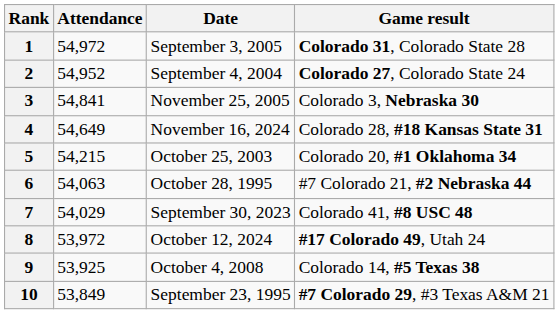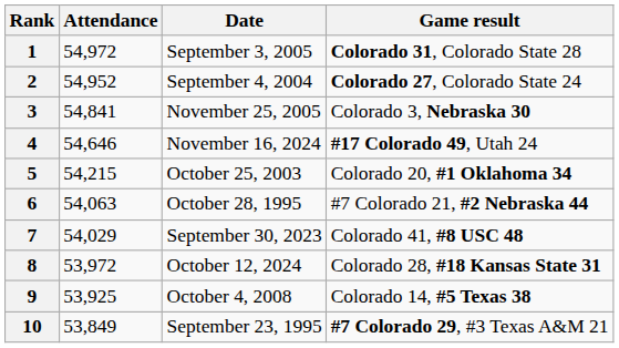 <table class="wikitable">
 <tr>
 <th>Rank</th>
 <th>Attendance</th>
 <th>Date</th>
 <th>Game result</th>
 </tr>
 <tr>
 <th>1</th>
 <td>54,972</td>
 <td>September 3, 2005</td>
 <td><strong>Colorado 31</strong>, Colorado State 28</td>
 </tr>
 <tr>
 <th>2</th>
 <td>54,952</td>
 <td>September 4, 2004</td>
 <td><strong>Colorado 27</strong>, Colorado State 24</td>
 </tr>
 <tr>
 <th>3</th>
 <td>54,841</td>
 <td>November 25, 2005</td>
 <td>Colorado 3, <strong>Nebraska 30</strong></td>
 </tr>
 <tr>
 <th>4</th>
-<td>54,649</td>
+<td>54,646</td>
 <td>November 16, 2024</td>
-<td>Colorado 28, <strong>#18 Kansas State 31</strong></td>
+<td><strong>#17 Colorado 49</strong>, Utah 24</td>
 </tr>
 <tr>
 <th>5</th>
 <td>54,215</td>
 <td>October 25, 2003</td>
 <td>Colorado 20, <strong>#1 Oklahoma 34</strong></td>
 </tr>
 <tr>
 <th>6</th>
 <td>54,063</td>
 <td>October 28, 1995</td>
 <td>#7 Colorado 21, <strong>#2 Nebraska 44</strong></td>
 </tr>
 <tr>
 <th>7</th>
 <td>54,029</td>
 <td>September 30, 2023</td>
 <td>Colorado 41, <strong>#8 USC 48</strong></td>
 </tr>
 <tr>
 <th>8</th>
 <td>53,972</td>
 <td>October 12, 2024</td>
-<td><strong>#17 Colorado 49</strong>, Utah 24</td>
+<td>Colorado 28, <strong>#18 Kansas State 31</strong></td>
 </tr>
 <tr>
 <th>9</th>
 <td>53,925</td>
 <td>October 4, 2008</td>
 <td>Colorado 14, <strong>#5 Texas 38</strong></td>
 </tr>
 <tr>
 <th>10</th>
 <td>53,849</td>
 <td>September 23, 1995</td>
 <td><strong>#7 Colorado 29</strong>, #3 Texas A&M 21</td>
 </tr>
 </table>
